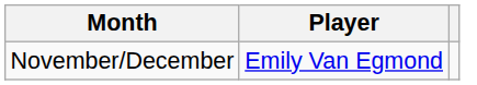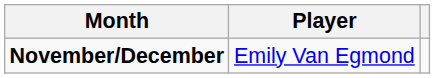 <table class="wikitable" style="text-align:left">
 <tr>
 <th>Month</th>
 <th>Player</th>
 <th></th>
 </tr>
 <tr>
-<td>November/December</td>
+<td><strong>November/December</strong></td>
 <td rowspan=10> <a href='#'>Emily Van Egmond</a></td>
 <td></td>
 </tr>
 </table>
